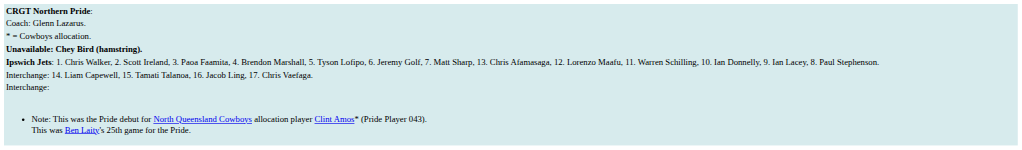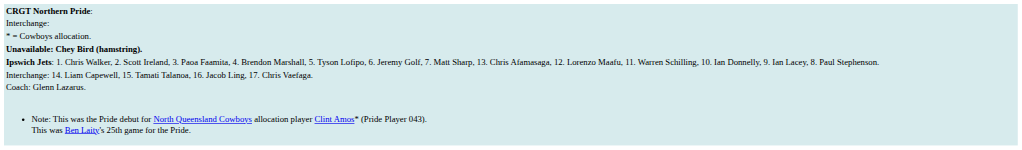 <table style="background:#d7ebed; font-size:85%; width:100%;">
 <tr>
 <td><strong>CRGT Northern Pride</strong>:             </td>
 </tr>
 <tr>
-<td>Coach: Glenn Lazarus.</td>
+<td>Interchange:    </td>
 </tr>
 <tr>
 <td>* = Cowboys allocation.</td>
 </tr>
 <tr>
 <td><strong>Unavailable: Chey Bird (hamstring).</strong></td>
 </tr>
 <tr>
 <td><strong>Ipswich Jets</strong>: 1. Chris Walker, 2. Scott Ireland, 3. Paoa Faamita, 4. Brendon Marshall, 5. Tyson Lofipo, 6. Jeremy Golf, 7. Matt Sharp, 13. Chris Afamasaga, 12. Lorenzo Maafu, 11. Warren Schilling, 10. Ian Donnelly, 9. Ian Lacey, 8. Paul Stephenson.</td>
 </tr>
 <tr>
 <td>Interchange: 14. Liam Capewell, 15. Tamati Talanoa, 16. Jacob Ling, 17. Chris Vaefaga.</td>
 </tr>
 <tr>
-<td>Interchange:    </td>
+<td>Coach: Glenn Lazarus.</td>
 </tr>
 <tr>
 <td><br><ul><li>Note: This was the Pride debut for <a href='#'>North Queensland Cowboys</a> allocation player <a href='#'>Clint Amos</a>* (Pride Player 043).<br>This was <a href='#'>Ben Laity</a>'s 25th game for the Pride.</li></ul></td>
 </tr>
 </table>
